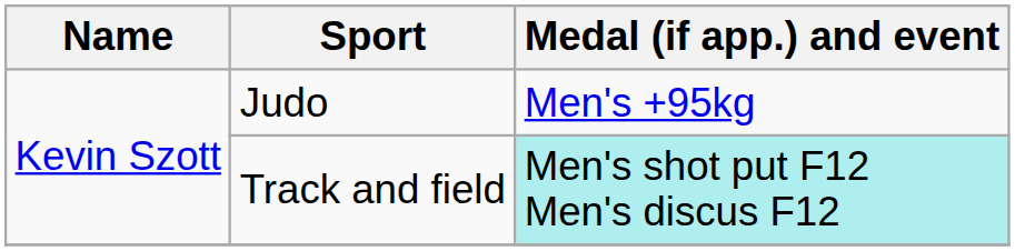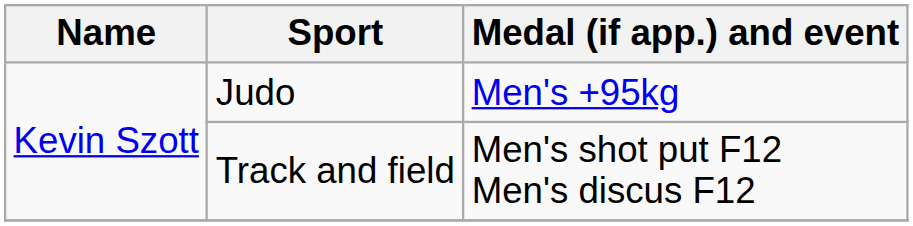 <table class="wikitable">
 <tr>
 <th>Name</th>
 <th>Sport</th>
 <th>Medal (if app.) and event</th>
 </tr>
 <tr>
 <td rowspan=2> <a href='#'>Kevin Szott</a></td>
 <td>Judo</td>
 <td> <a href='#'>Men's +95kg</a></td>
 </tr>
 <tr>
 <td>Track and field</td>
-<td style="background: paleturquoise;">Men's shot put F12<br>Men's discus F12</td>
+<td>Men's shot put F12<br>Men's discus F12</td>
 </tr>
 <tr>
 </tr>
 </table>
